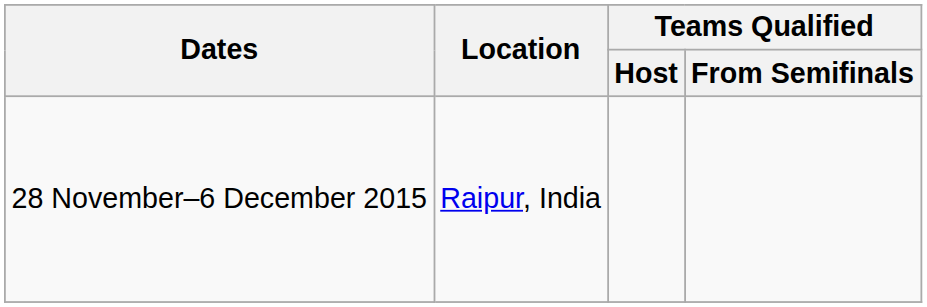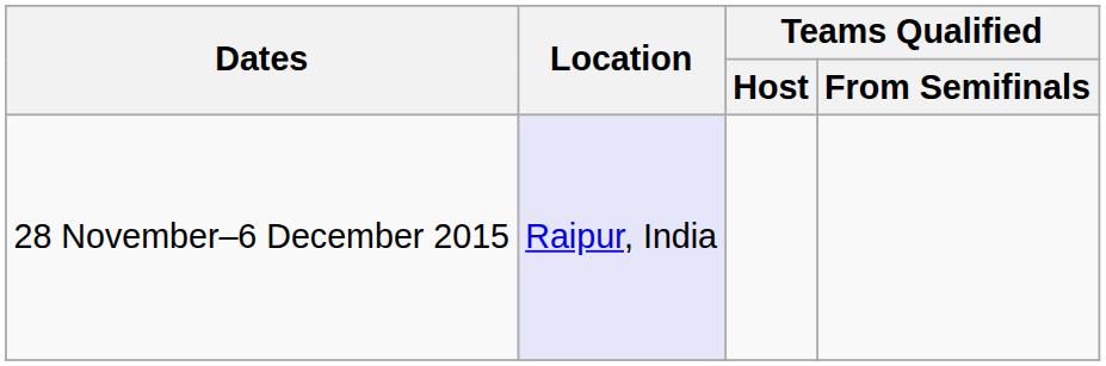 <table class=wikitable>
 <tr>
 <th rowspan=2>Dates</th>
 <th rowspan=2>Location</th>
 <th colspan=2>Teams Qualified</th>
 </tr>
 <tr>
 <th>Host</th>
 <th>From Semifinals</th>
 </tr>
 <tr>
 <td>28 November–6 December 2015</td>
-<td><a href='#'>Raipur</a>, India</td>
+<td style="background: lavender;"><a href='#'>Raipur</a>, India</td>
 <td></td>
 <td><br><br><br><br><br><br></td>
 </tr>
 </table>
